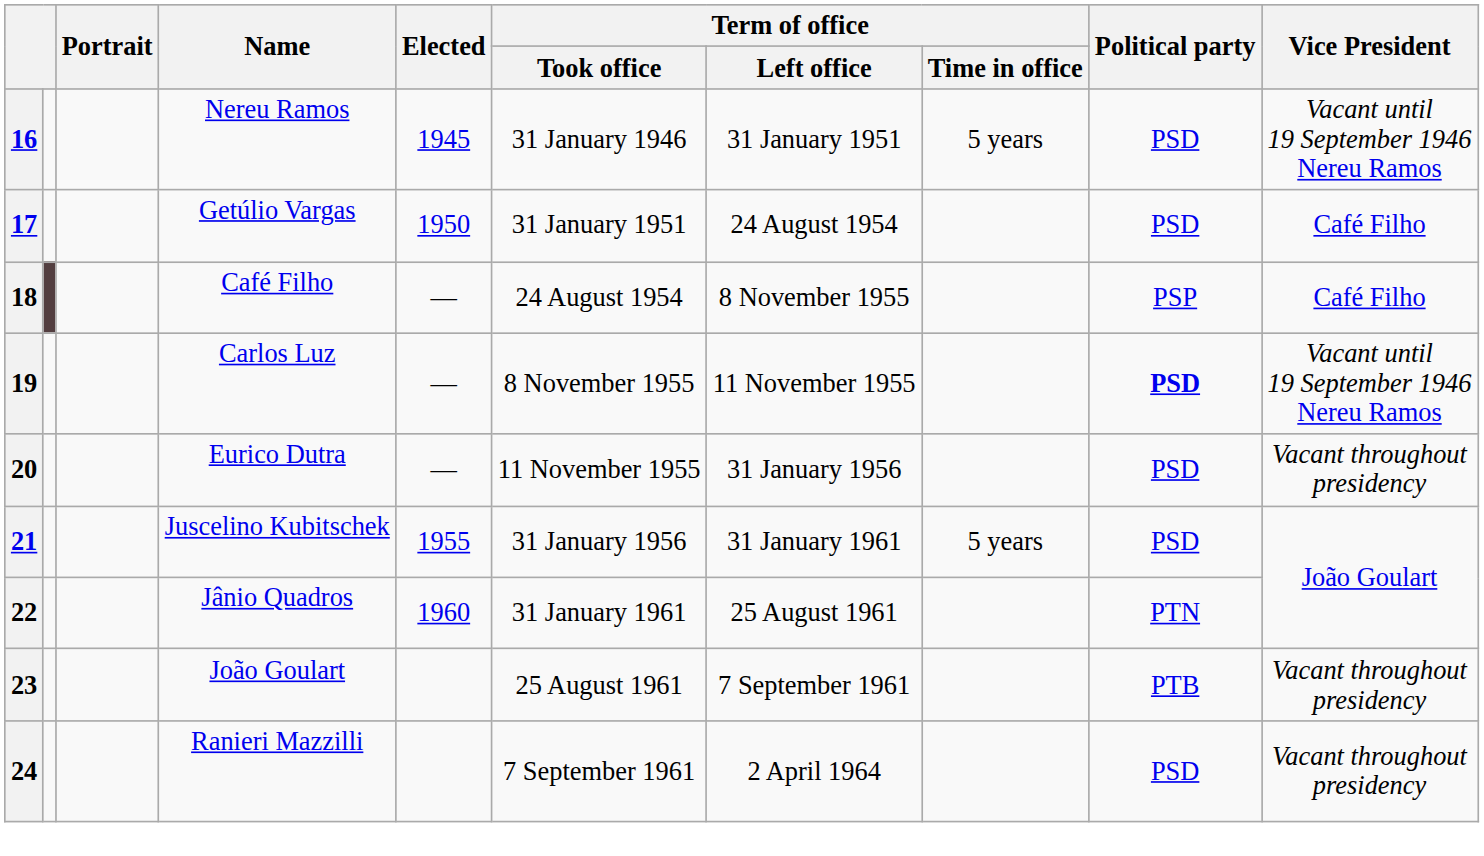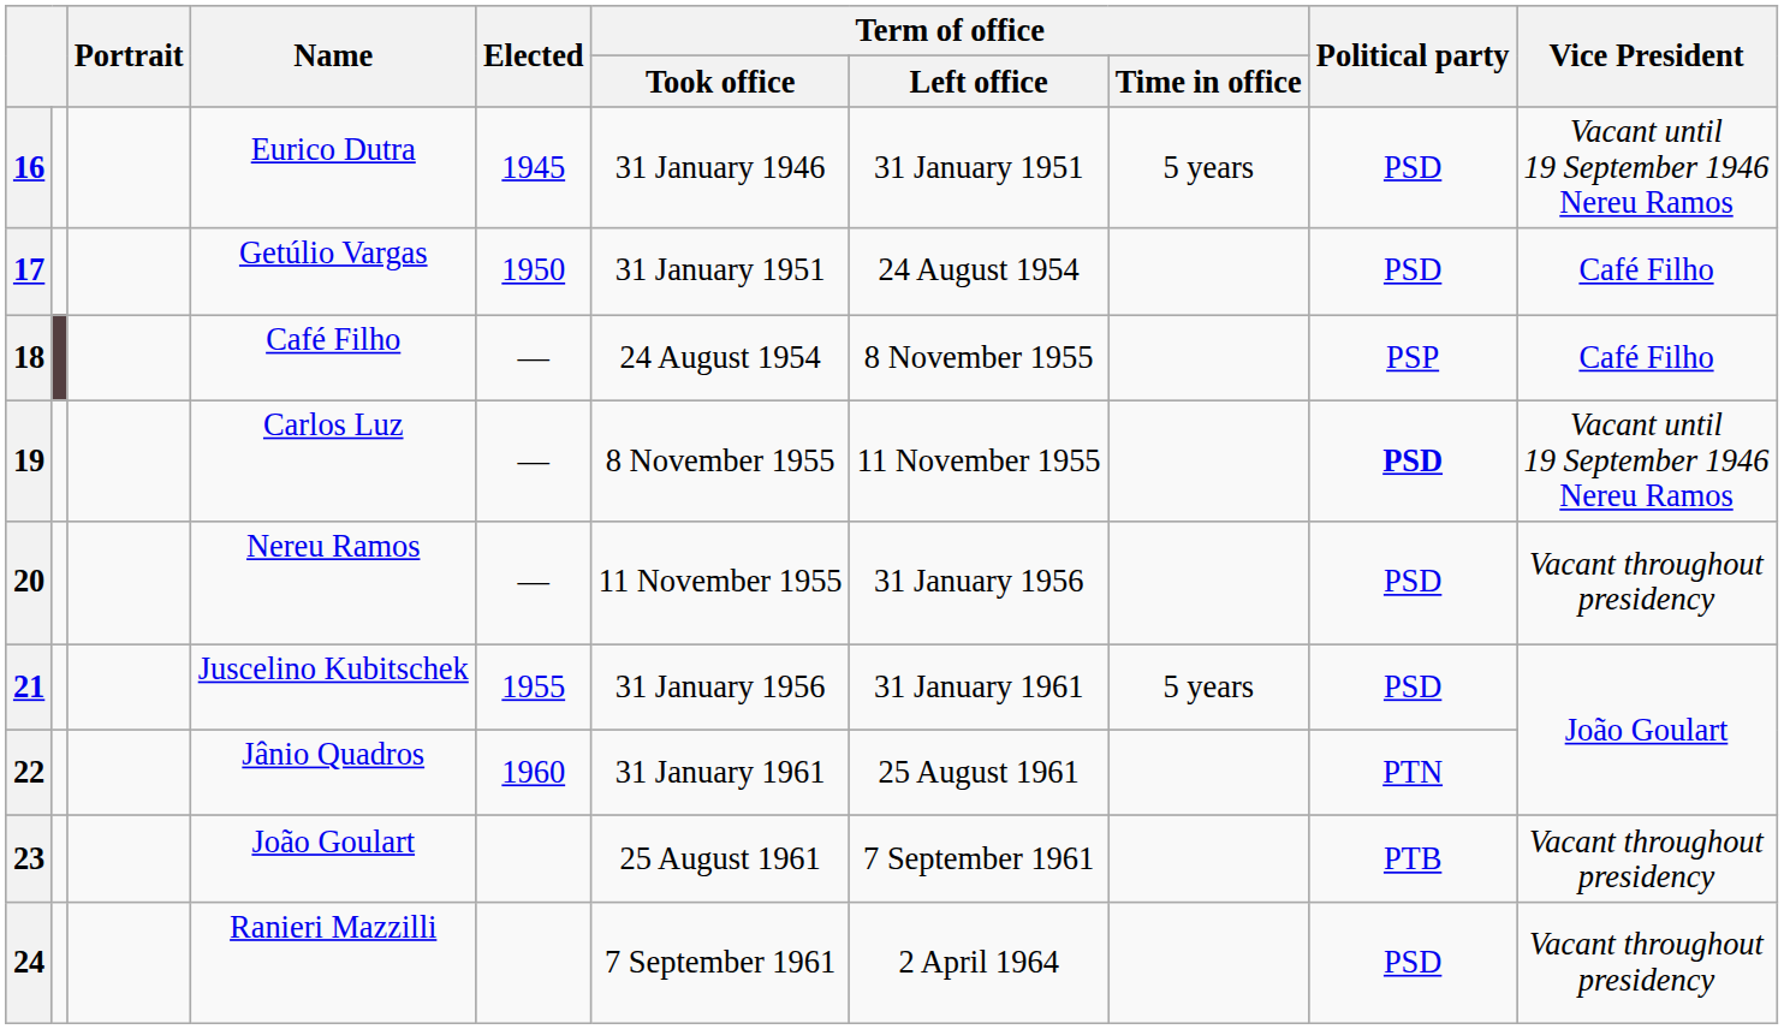 <table class="wikitable sticky-header" style=text-align:center;>
 <tr>
 <th colspan="2" rowspan="2"></th>
 <th rowspan="2">Portrait</th>
 <th rowspan="2">Name<br></th>
 <th rowspan="2">Elected</th>
 <th colspan="3">Term of office</th>
 <th rowspan="2">Political party</th>
 <th rowspan="2">Vice President</th>
 </tr>
 <tr>
 <th>Took office</th>
 <th>Left office</th>
 <th>Time in office</th>
 </tr>
 <tr>
 <th><a href='#'>16</a></th>
 <td style="background-color:"></td>
 <td></td>
-<td><a href='#'>Nereu Ramos</a><br><br><br></td>
+<td><a href='#'>Eurico Dutra</a><br><br></td>
 <td><a href='#'>1945</a></td>
 <td>31 January 1946</td>
 <td>31 January 1951</td>
 <td>5 years</td>
 <td><a href='#'>PSD</a></td>
 <td><em>Vacant until<br>19 September 1946</em><br><a href='#'>Nereu Ramos</a></td>
 </tr>
 <tr>
 <th><a href='#'>17</a></th>
 <td style="background-color:"></td>
 <td></td>
 <td><a href='#'>Getúlio Vargas</a><br><br></td>
 <td><a href='#'>1950</a></td>
 <td>31 January 1951</td>
 <td>24 August 1954</td>
 <td></td>
 <td><a href='#'>PSD</a></td>
 <td><a href='#'>Café Filho</a></td>
 </tr>
 <tr>
 <th>18</th>
 <td style="background-color:#533E40"></td>
 <td></td>
 <td><a href='#'>Café Filho</a><br><br></td>
 <td>—</td>
 <td>24 August 1954</td>
 <td>8 November 1955</td>
 <td></td>
 <td><a href='#'>PSP</a></td>
 <td><a href='#'>Café Filho</a></td>
 </tr>
 <tr>
 <th>19</th>
 <td style="background-color:"></td>
 <td></td>
 <td><a href='#'>Carlos Luz</a><br><br><br></td>
 <td>—</td>
 <td>8 November 1955</td>
 <td>11 November 1955</td>
 <td></td>
 <td><strong><a href='#'>PSD</a></strong></td>
 <td><em>Vacant until<br>19 September 1946</em><br><a href='#'>Nereu Ramos</a></td>
 </tr>
 <tr>
 <th>20</th>
 <td style="background-color:"></td>
 <td></td>
-<td><a href='#'>Eurico Dutra</a><br><br></td>
+<td><a href='#'>Nereu Ramos</a><br><br><br></td>
 <td>—</td>
 <td>11 November 1955</td>
 <td>31 January 1956</td>
 <td></td>
 <td><a href='#'>PSD</a></td>
 <td><em>Vacant throughout<br>presidency</em></td>
 </tr>
 <tr>
 <th><a href='#'>21</a></th>
 <td style="background-color:"></td>
 <td></td>
 <td><a href='#'>Juscelino Kubitschek</a><br><br></td>
 <td><a href='#'>1955</a></td>
 <td>31 January 1956</td>
 <td>31 January 1961</td>
 <td>5 years</td>
 <td><a href='#'>PSD</a></td>
 <td rowspan="2"><a href='#'>João Goulart</a></td>
 </tr>
 <tr>
 <th>22</th>
 <td style="background-color:"></td>
 <td></td>
 <td><a href='#'>Jânio Quadros</a><br><br></td>
 <td><a href='#'>1960</a></td>
 <td>31 January 1961</td>
 <td>25 August 1961</td>
 <td></td>
 <td><a href='#'>PTN</a></td>
 </tr>
 <tr>
 <th>23</th>
 <td style="background-color:"></td>
 <td></td>
 <td><a href='#'>João Goulart</a><br><br></td>
 <td></td>
 <td>25 August 1961</td>
 <td>7 September 1961</td>
 <td></td>
 <td><a href='#'>PTB</a></td>
 <td><em>Vacant throughout<br>presidency</em></td>
 </tr>
 <tr>
 <th>24</th>
 <td style="background-color:"></td>
 <td></td>
 <td><a href='#'>Ranieri Mazzilli</a><br><br><br></td>
 <td></td>
 <td>7 September 1961</td>
 <td>2 April 1964</td>
 <td></td>
 <td><a href='#'>PSD</a></td>
 <td><em>Vacant throughout<br>presidency</em></td>
 </tr>
 </table>
